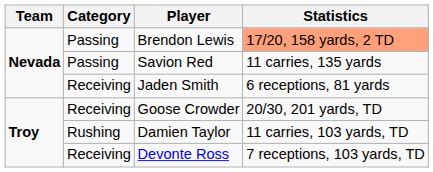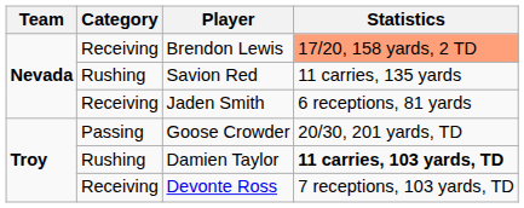 <table class="wikitable" style="float: right;">
 <tr>
 <th>Team</th>
 <th>Category</th>
 <th>Player</th>
 <th>Statistics</th>
 </tr>
 <tr>
 <td rowspan=3><strong>Nevada</strong></td>
-<td>Passing</td>
+<td>Receiving</td>
 <td>Brendon Lewis</td>
 <td style="background: lightsalmon;">17/20, 158 yards, 2 TD</td>
 </tr>
 <tr>
-<td>Passing</td>
+<td>Rushing</td>
 <td>Savion Red</td>
 <td>11 carries, 135 yards</td>
 </tr>
 <tr>
 <td>Receiving</td>
 <td>Jaden Smith</td>
 <td>6 receptions, 81 yards</td>
 </tr>
 <tr>
 <td rowspan=3><strong>Troy</strong></td>
-<td>Receiving</td>
+<td>Passing</td>
 <td>Goose Crowder</td>
 <td>20/30, 201 yards, TD</td>
 </tr>
 <tr>
 <td>Rushing</td>
 <td>Damien Taylor</td>
-<td>11 carries, 103 yards, TD</td>
+<td><strong>11 carries, 103 yards, TD</strong></td>
 </tr>
 <tr>
 <td>Receiving</td>
 <td><a href='#'>Devonte Ross</a></td>
 <td>7 receptions, 103 yards, TD</td>
 </tr>
 </table>
